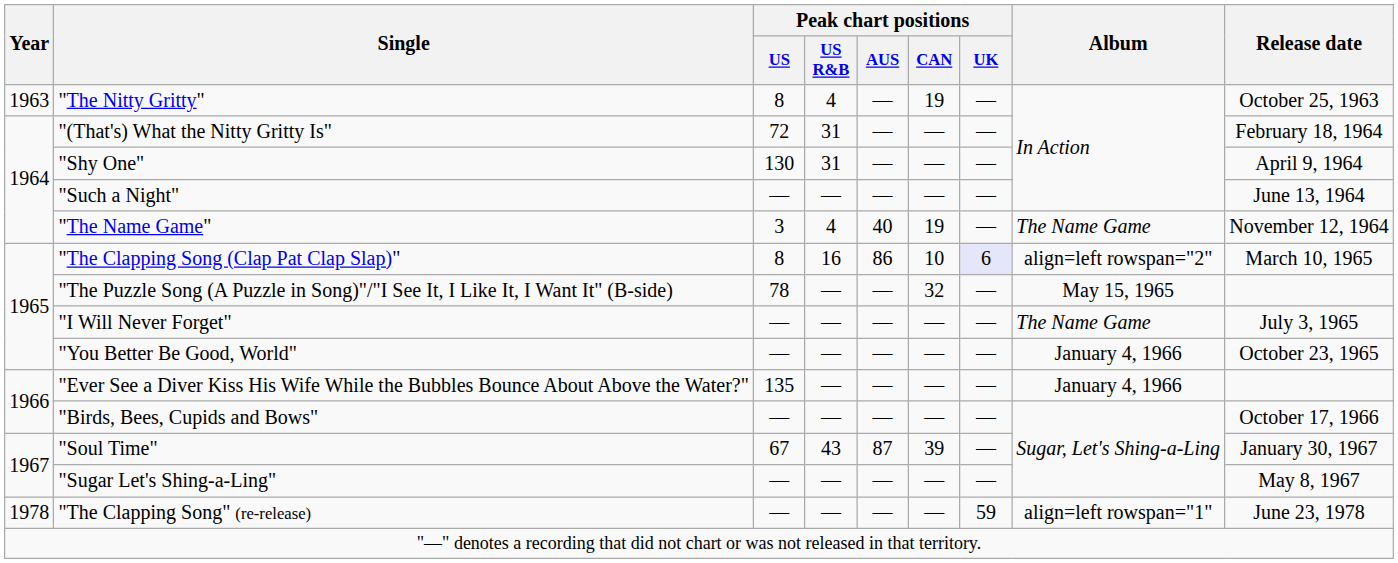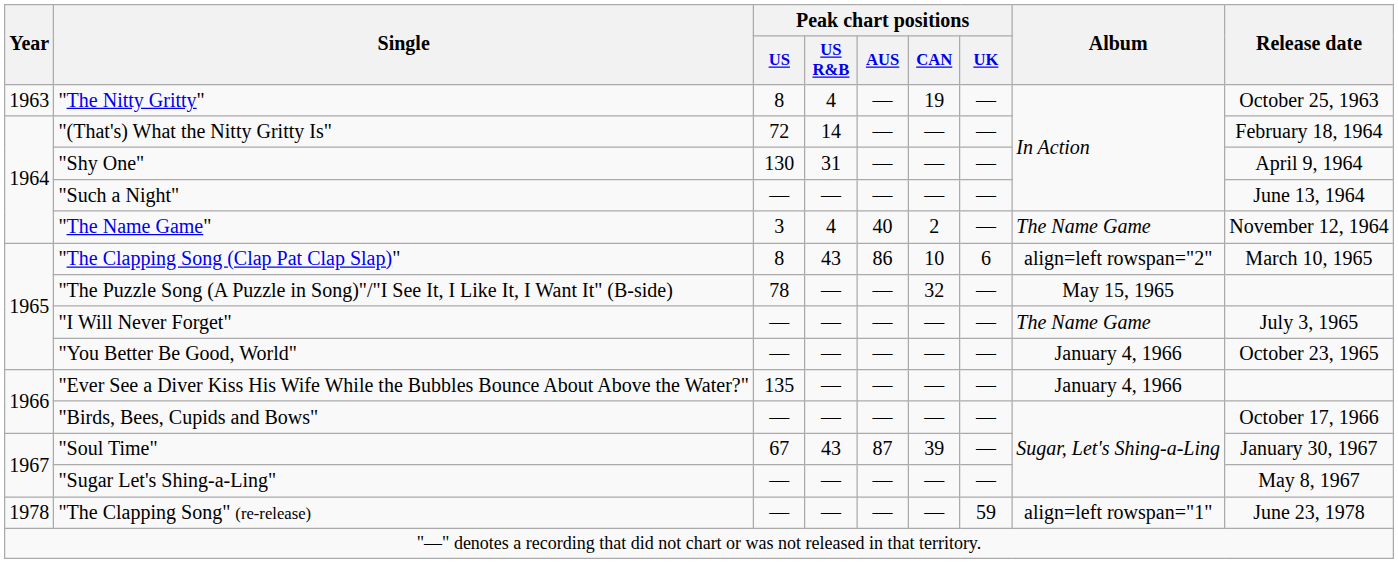 <table class="wikitable" style="text-align:center;">
 <tr>
 <th rowspan="2">Year</th>
 <th rowspan="2">Single</th>
 <th colspan="5">Peak chart positions</th>
 <th rowspan="2">Album</th>
 <th rowspan="2">Release date</th>
 </tr>
 <tr style="font-size:smaller;">
 <th width="35"><a href='#'>US</a><br></th>
 <th width="35"><a href='#'>US<br>R&B</a><br></th>
 <th width="35"><a href='#'>AUS</a><br></th>
 <th width="35"><a href='#'>CAN</a><br></th>
 <th width="35"><a href='#'>UK</a><br></th>
 </tr>
 <tr>
 <td rowspan="1">1963</td>
 <td align="left">"<a href='#'>The Nitty Gritty</a>"</td>
 <td>8</td>
 <td>4</td>
 <td>—</td>
 <td>19</td>
 <td>—</td>
 <td align=left rowspan="4"><em>In Action</em></td>
 <td>October 25, 1963</td>
 </tr>
 <tr>
 <td rowspan="4">1964</td>
 <td align="left">"(That's) What the Nitty Gritty Is"</td>
 <td>72</td>
-<td>31</td>
+<td>14</td>
 <td>—</td>
 <td>—</td>
 <td>—</td>
 <td>February 18, 1964</td>
 </tr>
 <tr>
 <td align="left">"Shy One"</td>
 <td>130</td>
 <td>31</td>
 <td>—</td>
 <td>—</td>
 <td>—</td>
 <td>April 9, 1964</td>
 </tr>
 <tr>
 <td align="left">"Such a Night"</td>
 <td>—</td>
 <td>—</td>
 <td>—</td>
 <td>—</td>
 <td>—</td>
 <td>June 13, 1964</td>
 </tr>
 <tr>
 <td align="left">"<a href='#'>The Name Game</a>"</td>
 <td>3</td>
 <td>4</td>
 <td>40</td>
-<td>19</td>
+<td>2</td>
 <td>—</td>
 <td align=left rowspan="1"><em>The Name Game</em></td>
 <td>November 12, 1964</td>
 </tr>
 <tr>
 <td rowspan="4">1965</td>
 <td align="left">"<a href='#'>The Clapping Song (Clap Pat Clap Slap)</a>"</td>
 <td>8</td>
-<td>16</td>
+<td>43</td>
 <td>86</td>
 <td>10</td>
-<td style="background: lavender;">6</td>
+<td>6</td>
 <td>align=left rowspan="2" </td>
 <td>March 10, 1965</td>
 </tr>
 <tr>
 <td align="left">"The Puzzle Song (A Puzzle in Song)"/"I See It, I Like It, I Want It" (B-side)</td>
 <td>78</td>
 <td>—</td>
 <td>—</td>
 <td>32</td>
 <td>—</td>
 <td>May 15, 1965</td>
 </tr>
 <tr>
 <td align="left">"I Will Never Forget"</td>
 <td>—</td>
 <td>—</td>
 <td>—</td>
 <td>—</td>
 <td>—</td>
 <td align=left rowspan="1"><em>The Name Game</em></td>
 <td>July 3, 1965</td>
 </tr>
 <tr>
 <td align="left">"You Better Be Good, World"</td>
 <td>—</td>
 <td>—</td>
 <td>—</td>
 <td>—</td>
 <td>—</td>
 <td>January 4, 1966</td>
 <td>October 23, 1965</td>
 </tr>
 <tr>
 <td rowspan="2">1966</td>
 <td align="left">"Ever See a Diver Kiss His Wife While the Bubbles Bounce About Above the Water?"</td>
 <td>135</td>
 <td>—</td>
 <td>—</td>
 <td>—</td>
 <td>—</td>
 <td>January 4, 1966</td>
 </tr>
 <tr>
 <td align="left">"Birds, Bees, Cupids and Bows"</td>
 <td>—</td>
 <td>—</td>
 <td>—</td>
 <td>—</td>
 <td>—</td>
 <td align=left rowspan="3"><em>Sugar, Let's Shing-a-Ling</em></td>
 <td>October 17, 1966</td>
 </tr>
 <tr>
 <td rowspan="2">1967</td>
 <td align="left">"Soul Time"</td>
 <td>67</td>
 <td>43</td>
 <td>87</td>
 <td>39</td>
 <td>—</td>
 <td>January 30, 1967</td>
 </tr>
 <tr>
 <td align="left">"Sugar Let's Shing-a-Ling"</td>
 <td>—</td>
 <td>—</td>
 <td>—</td>
 <td>—</td>
 <td>—</td>
 <td>May 8, 1967</td>
 </tr>
 <tr>
 <td rowspan="1">1978</td>
 <td align="left">"The Clapping Song" <small>(re-release)</small></td>
 <td>—</td>
 <td>—</td>
 <td>—</td>
 <td>—</td>
 <td>59</td>
 <td>align=left rowspan="1" </td>
 <td>June 23, 1978</td>
 </tr>
 <tr>
 <td colspan="15" style="font-size:90%">"—" denotes a recording that did not chart or was not released in that territory.</td>
 </tr>
 </table>
